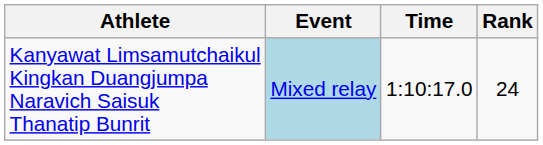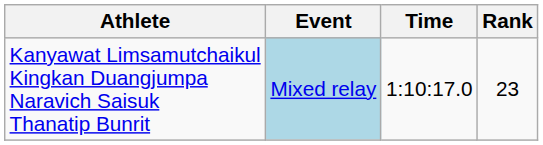 <table class="wikitable" style="font-size:90%">
 <tr>
 <th>Athlete</th>
 <th>Event</th>
 <th>Time</th>
 <th>Rank</th>
 </tr>
 <tr align=center>
 <td align=left><a href='#'>Kanyawat Limsamutchaikul</a><br><a href='#'>Kingkan Duangjumpa</a><br><a href='#'>Naravich Saisuk</a><br><a href='#'>Thanatip Bunrit</a></td>
 <td align=left style="background: lightblue;"><a href='#'>Mixed relay</a></td>
 <td>1:10:17.0</td>
-<td>24</td>
+<td>23</td>
 </tr>
 </table>
